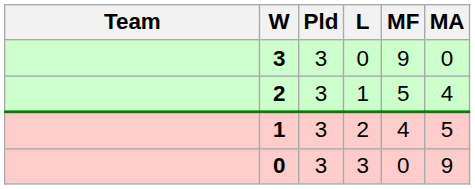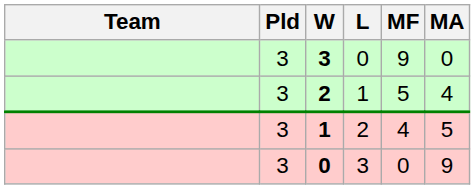 <table class=wikitable style="text-align:center">
 <tr>
 <th width=175>Team</th>
+<th width=20>Pld</th>
 <th width=20>W</th>
-<th width=20>Pld</th>
 <th width=20>L</th>
 <th width=20>MF</th>
 <th width=20>MA</th>
 </tr>
 <tr bgcolor=ccffcc>
 <td style="text-align:left"></td>
+<td>3</td>
 <td><strong>3</strong></td>
-<td>3</td>
 <td>0</td>
 <td>9</td>
 <td>0</td>
 </tr>
 <tr bgcolor=ccffcc style="border-bottom:2px solid green;">
 <td style="text-align:left"></td>
+<td>3</td>
 <td><strong>2</strong></td>
-<td>3</td>
 <td>1</td>
 <td>5</td>
 <td>4</td>
 </tr>
 <tr bgcolor=ffcccc>
 <td style="text-align:left"></td>
+<td>3</td>
 <td><strong>1</strong></td>
-<td>3</td>
 <td>2</td>
 <td>4</td>
 <td>5</td>
 </tr>
 <tr bgcolor=ffcccc>
 <td style="text-align:left"></td>
+<td>3</td>
 <td><strong>0</strong></td>
-<td>3</td>
 <td>3</td>
 <td>0</td>
 <td>9</td>
 </tr>
 </table>
